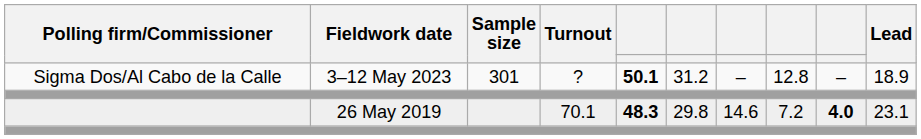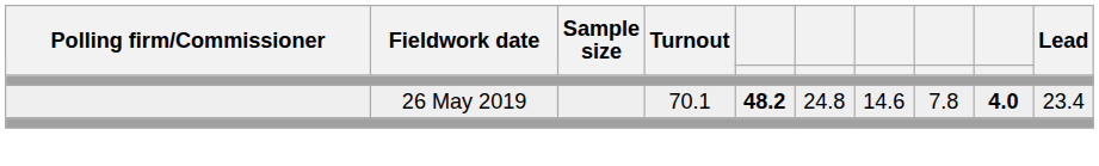 <table class="wikitable collapsible collapsed" style="text-align:center; font-size:95%; line-height:16px;">
 <tr style="height:42px;">
 <th style="width:250px;" rowspan="2">Polling firm/Commissioner</th>
 <th style="width:125px;" rowspan="2">Fieldwork date</th>
 <th style="width:50px;" rowspan="2">Sample size</th>
 <th style="width:45px;" rowspan="2">Turnout</th>
 <th style="width:35px;"></th>
 <th style="width:35px;"></th>
 <th style="width:35px;"></th>
 <th style="width:35px;"></th>
 <th style="width:35px;"></th>
 <th style="width:30px;" rowspan="2">Lead</th>
 </tr>
 <tr>
 <th style="color:inherit;background:"></th>
 <th style="color:inherit;background:"></th>
 <th style="color:inherit;background:"></th>
 <th style="color:inherit;background:"></th>
 <th style="color:inherit;background:"></th>
 </tr>
 <tr>
-<td>Sigma Dos/Al Cabo de la Calle</td>
-<td>3–12 May 2023</td>
-<td>301</td>
-<td>?</td>
-<td><strong>50.1</strong><br></td>
-<td>31.2<br></td>
-<td>–</td>
-<td>12.8<br></td>
-<td>–</td>
-<td style="background:">18.9</td>
-</tr>
-<tr>
 <td colspan="10" style="background:#A0A0A0"></td>
 </tr>
 <tr style="background:#EFEFEF;">
 <td><strong></strong></td>
 <td>26 May 2019</td>
 <td></td>
 <td>70.1</td>
-<td><strong>48.3</strong><br></td>
-<td>29.8<br></td>
+<td><strong>48.2</strong><br></td>
+<td>24.8<br></td>
 <td>14.6<br></td>
-<td>7.2<br></td>
+<td>7.8<br></td>
 <td><strong>4.0<br></strong></td>
-<td style="background:">23.1</td>
+<td style="background:">23.4</td>
 </tr>
 <tr>
 <td colspan="10" style="background:#A0A0A0"></td>
 </tr>
 </table>
